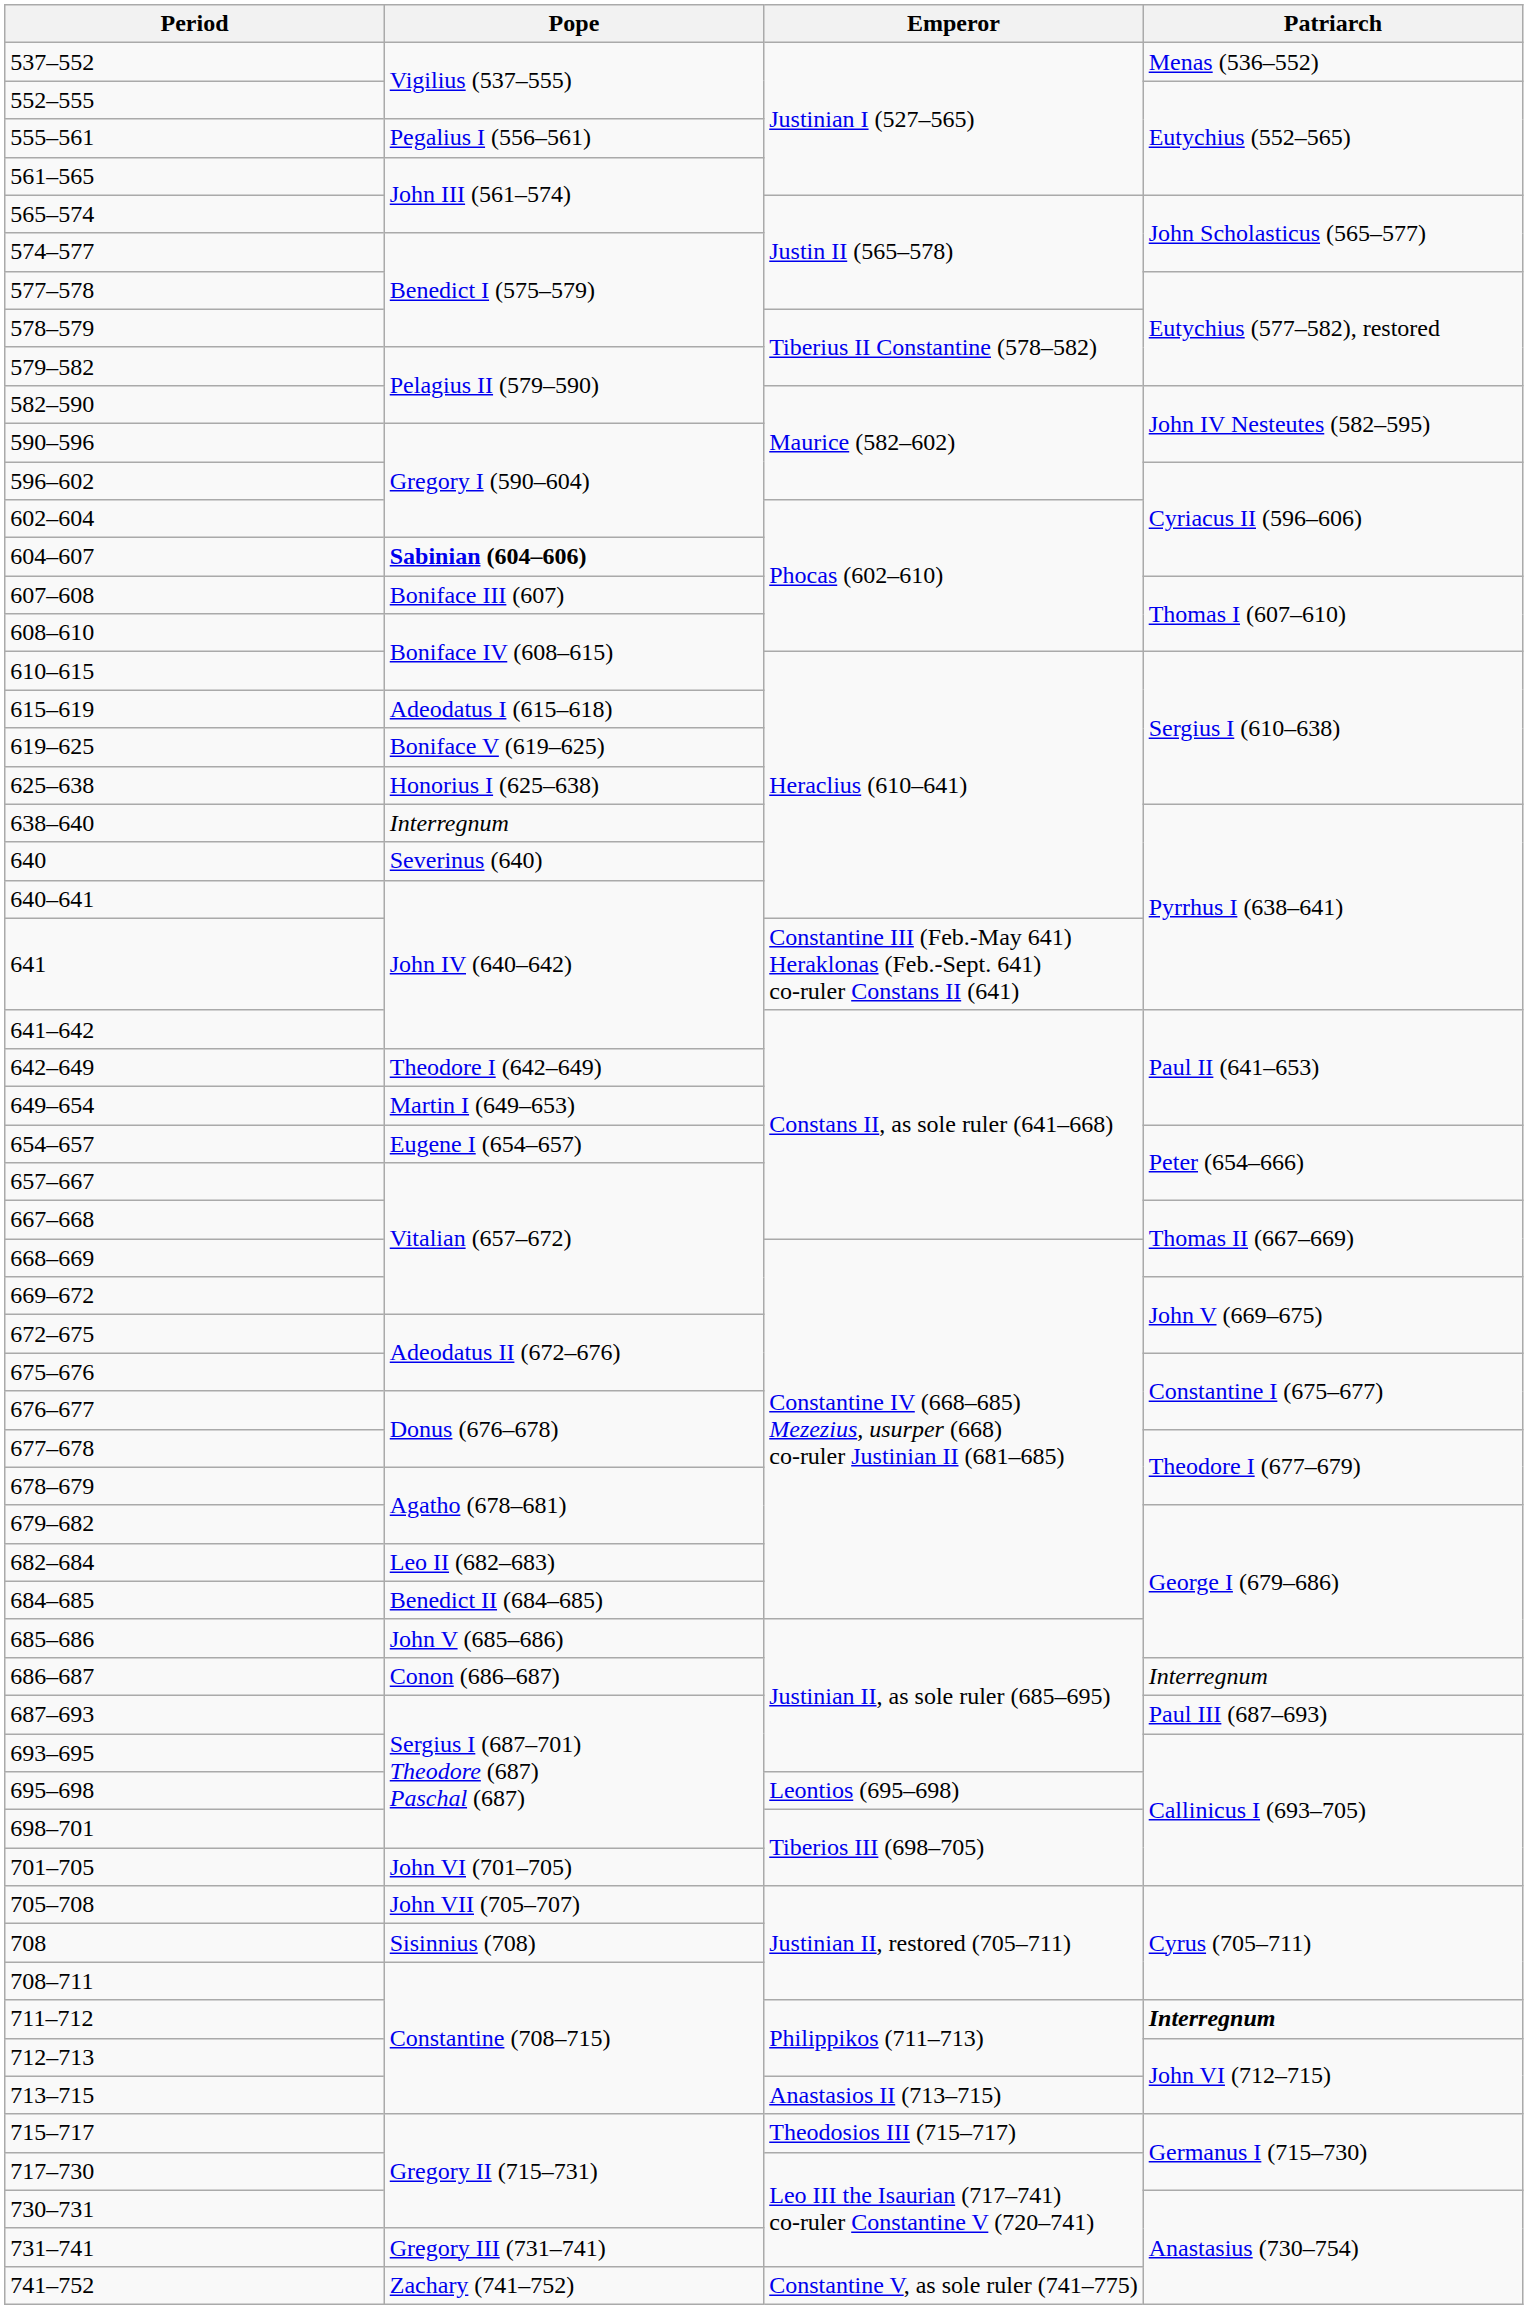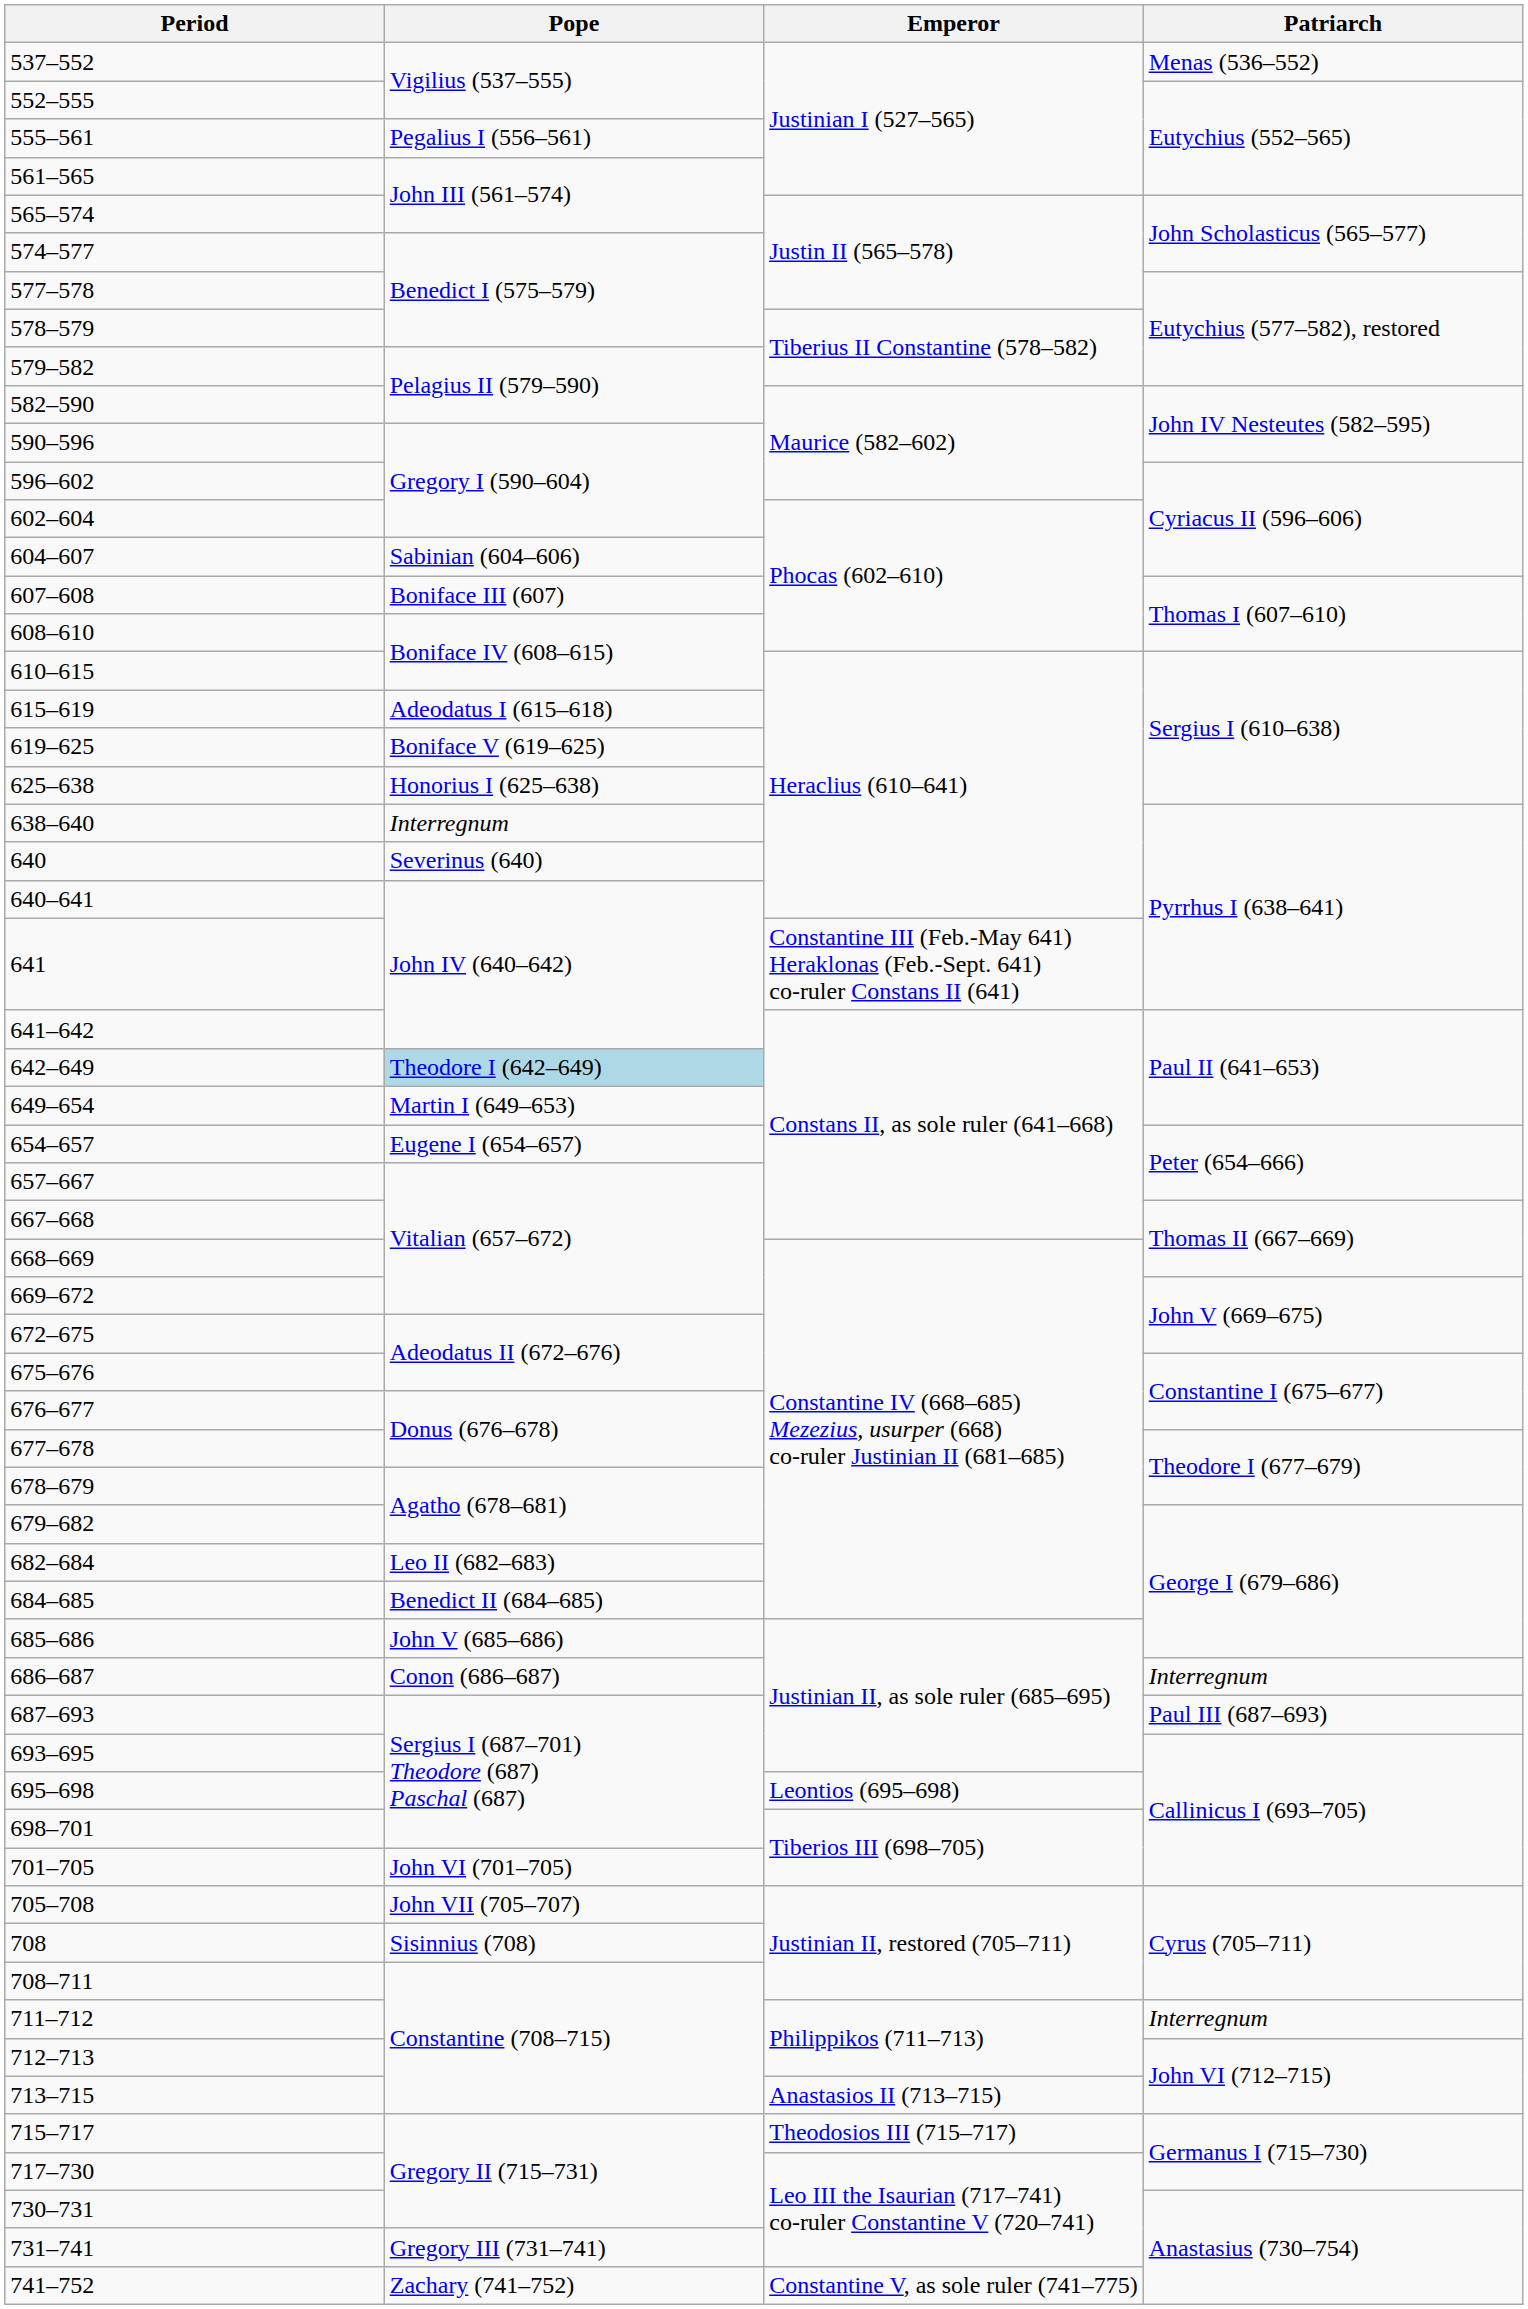 <table class="wikitable">
 <tr>
 <th width="25%">Period</th>
 <th width="25%">Pope</th>
 <th width="25%">Emperor</th>
 <th width="25%">Patriarch</th>
 </tr>
 <tr>
 <td>537–552</td>
 <td rowspan=2><a href='#'>Vigilius</a> (537–555)</td>
 <td rowspan=4><a href='#'>Justinian I</a> (527–565)</td>
 <td><a href='#'>Menas</a> (536–552)</td>
 </tr>
 <tr>
 <td>552–555</td>
 <td rowspan=3><a href='#'>Eutychius</a> (552–565)</td>
 </tr>
 <tr>
 <td>555–561</td>
 <td><a href='#'>Pegalius I</a> (556–561)</td>
 </tr>
 <tr>
 <td>561–565</td>
 <td rowspan=2><a href='#'>John III</a> (561–574)</td>
 </tr>
 <tr>
 <td>565–574</td>
 <td rowspan=3><a href='#'>Justin II</a> (565–578)</td>
 <td rowspan=2><a href='#'>John Scholasticus</a> (565–577)</td>
 </tr>
 <tr>
 <td>574–577</td>
 <td rowspan=3><a href='#'>Benedict I</a> (575–579)</td>
 </tr>
 <tr>
 <td>577–578</td>
 <td rowspan=3><a href='#'>Eutychius</a> (577–582), restored</td>
 </tr>
 <tr>
 <td>578–579</td>
 <td rowspan=2><a href='#'>Tiberius II Constantine</a> (578–582)</td>
 </tr>
 <tr>
 <td>579–582</td>
 <td rowspan=2><a href='#'>Pelagius II</a> (579–590)</td>
 </tr>
 <tr>
 <td>582–590</td>
 <td rowspan=3><a href='#'>Maurice</a> (582–602)</td>
 <td rowspan=2><a href='#'>John IV Nesteutes</a> (582–595)</td>
 </tr>
 <tr>
 <td>590–596</td>
 <td rowspan=3><a href='#'>Gregory I</a> (590–604)</td>
 </tr>
 <tr>
 <td>596–602</td>
 <td rowspan=3><a href='#'>Cyriacus II</a> (596–606)</td>
 </tr>
 <tr>
 <td>602–604</td>
 <td rowspan=4><a href='#'>Phocas</a> (602–610)</td>
 </tr>
 <tr>
 <td>604–607</td>
-<td><strong><a href='#'>Sabinian</a> (604–606)</strong></td>
+<td><a href='#'>Sabinian</a> (604–606)</td>
 </tr>
 <tr>
 <td>607–608</td>
 <td><a href='#'>Boniface III</a> (607)</td>
 <td rowspan=2><a href='#'>Thomas I</a> (607–610)</td>
 </tr>
 <tr>
 <td>608–610</td>
 <td rowspan=2><a href='#'>Boniface IV</a> (608–615)</td>
 </tr>
 <tr>
 <td>610–615</td>
 <td rowspan=7><a href='#'>Heraclius</a> (610–641)</td>
 <td rowspan=4><a href='#'>Sergius I</a> (610–638)</td>
 </tr>
 <tr>
 <td>615–619</td>
 <td><a href='#'>Adeodatus I</a> (615–618)</td>
 </tr>
 <tr>
 <td>619–625</td>
 <td><a href='#'>Boniface V</a> (619–625)</td>
 </tr>
 <tr>
 <td>625–638</td>
 <td><a href='#'>Honorius I</a> (625–638)</td>
 </tr>
 <tr>
 <td>638–640</td>
 <td><em>Interregnum</em></td>
 <td rowspan=4><a href='#'>Pyrrhus I</a> (638–641)</td>
 </tr>
 <tr>
 <td>640</td>
 <td><a href='#'>Severinus</a> (640)</td>
 </tr>
 <tr>
 <td>640–641</td>
 <td rowspan=3><a href='#'>John IV</a> (640–642)</td>
 </tr>
 <tr>
 <td>641</td>
 <td><a href='#'>Constantine III</a> (Feb.-May 641)<br><a href='#'>Heraklonas</a> (Feb.-Sept. 641)<br>co-ruler <a href='#'>Constans II</a> (641)</td>
 </tr>
 <tr>
 <td>641–642</td>
 <td rowspan=6><a href='#'>Constans II</a>, as sole ruler (641–668)</td>
 <td rowspan=3><a href='#'>Paul II</a> (641–653)</td>
 </tr>
 <tr>
 <td>642–649</td>
-<td><a href='#'>Theodore I</a> (642–649)</td>
+<td style="background: lightblue;"><a href='#'>Theodore I</a> (642–649)</td>
 </tr>
 <tr>
 <td>649–654</td>
 <td><a href='#'>Martin I</a> (649–653)</td>
 </tr>
 <tr>
 <td>654–657</td>
 <td><a href='#'>Eugene I</a> (654–657)</td>
 <td rowspan=2><a href='#'>Peter</a> (654–666)</td>
 </tr>
 <tr>
 <td>657–667</td>
 <td rowspan=4><a href='#'>Vitalian</a> (657–672)</td>
 </tr>
 <tr>
 <td>667–668</td>
 <td rowspan=2><a href='#'>Thomas II</a> (667–669)</td>
 </tr>
 <tr>
 <td>668–669</td>
 <td rowspan=10><a href='#'>Constantine IV</a> (668–685)<br><em><a href='#'>Mezezius</a>, usurper</em> (668)<br>co-ruler <a href='#'>Justinian II</a> (681–685)</td>
 </tr>
 <tr>
 <td>669–672</td>
 <td rowspan=2><a href='#'>John V</a> (669–675)</td>
 </tr>
 <tr>
 <td>672–675</td>
 <td rowspan=2><a href='#'>Adeodatus II</a> (672–676)</td>
 </tr>
 <tr>
 <td>675–676</td>
 <td rowspan=2><a href='#'>Constantine I</a> (675–677)</td>
 </tr>
 <tr>
 <td>676–677</td>
 <td rowspan=2><a href='#'>Donus</a> (676–678)</td>
 </tr>
 <tr>
 <td>677–678</td>
 <td rowspan=2><a href='#'>Theodore I</a> (677–679)</td>
 </tr>
 <tr>
 <td>678–679</td>
 <td rowspan=2><a href='#'>Agatho</a> (678–681)</td>
 </tr>
 <tr>
 <td>679–682</td>
 <td rowspan=4><a href='#'>George I</a> (679–686)</td>
 </tr>
 <tr>
 <td>682–684</td>
 <td><a href='#'>Leo II</a> (682–683)</td>
 </tr>
 <tr>
 <td>684–685</td>
 <td><a href='#'>Benedict II</a> (684–685)</td>
 </tr>
 <tr>
 <td>685–686</td>
 <td><a href='#'>John V</a> (685–686)</td>
 <td rowspan=4><a href='#'>Justinian II</a>, as sole ruler (685–695)</td>
 </tr>
 <tr>
 <td>686–687</td>
 <td><a href='#'>Conon</a> (686–687)</td>
 <td><em>Interregnum</em></td>
 </tr>
 <tr>
 <td>687–693</td>
 <td rowspan=4><a href='#'>Sergius I</a> (687–701)<br><em><a href='#'>Theodore</a></em> (687)<br><em><a href='#'>Paschal</a></em> (687)</td>
 <td><a href='#'>Paul III</a> (687–693)</td>
 </tr>
 <tr>
 <td>693–695</td>
 <td rowspan=4><a href='#'>Callinicus I</a> (693–705)</td>
 </tr>
 <tr>
 <td>695–698</td>
 <td><a href='#'>Leontios</a> (695–698)</td>
 </tr>
 <tr>
 <td>698–701</td>
 <td rowspan=2><a href='#'>Tiberios III</a> (698–705)</td>
 </tr>
 <tr>
 <td>701–705</td>
 <td><a href='#'>John VI</a> (701–705)</td>
 </tr>
 <tr>
 <td>705–708</td>
 <td><a href='#'>John VII</a> (705–707)</td>
 <td rowspan=3><a href='#'>Justinian II</a>, restored (705–711)</td>
 <td rowspan=3><a href='#'>Cyrus</a> (705–711)</td>
 </tr>
 <tr>
 <td>708</td>
 <td><a href='#'>Sisinnius</a> (708)</td>
 </tr>
 <tr>
 <td>708–711</td>
 <td rowspan=4><a href='#'>Constantine</a> (708–715)</td>
 </tr>
 <tr>
 <td>711–712</td>
 <td rowspan=2><a href='#'>Philippikos</a> (711–713)</td>
-<td><strong><em>Interregnum</em></strong></td>
+<td><em>Interregnum</em></td>
 </tr>
 <tr>
 <td>712–713</td>
 <td rowspan=2><a href='#'>John VI</a> (712–715)</td>
 </tr>
 <tr>
 <td>713–715</td>
 <td><a href='#'>Anastasios II</a> (713–715)</td>
 </tr>
 <tr>
 <td>715–717</td>
 <td rowspan=3><a href='#'>Gregory II</a> (715–731)</td>
 <td><a href='#'>Theodosios III</a> (715–717)</td>
 <td rowspan=2><a href='#'>Germanus I</a> (715–730)</td>
 </tr>
 <tr>
 <td>717–730</td>
 <td rowspan=3><a href='#'>Leo III the Isaurian</a> (717–741)<br>co-ruler <a href='#'>Constantine V</a> (720–741)</td>
 </tr>
 <tr>
 <td>730–731</td>
 <td rowspan=3><a href='#'>Anastasius</a> (730–754)</td>
 </tr>
 <tr>
 <td>731–741</td>
 <td><a href='#'>Gregory III</a> (731–741)</td>
 </tr>
 <tr>
 <td>741–752</td>
 <td><a href='#'>Zachary</a> (741–752)</td>
 <td><a href='#'>Constantine V</a>, as sole ruler (741–775)</td>
 </tr>
 </table>
